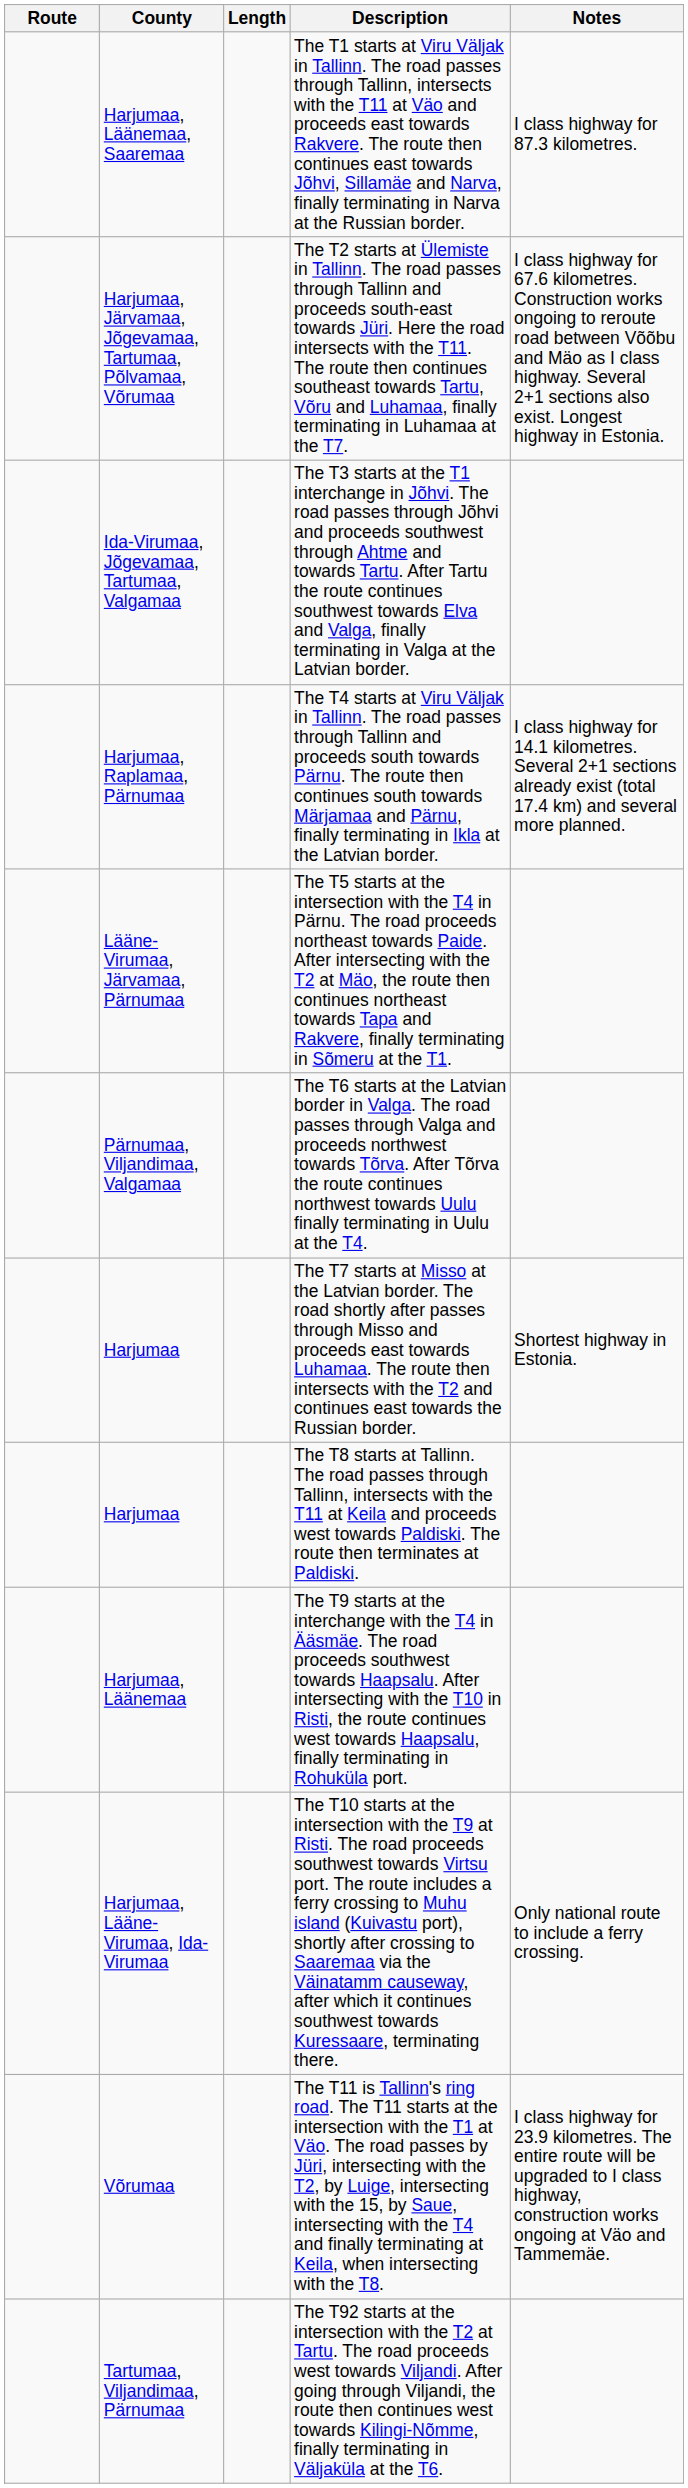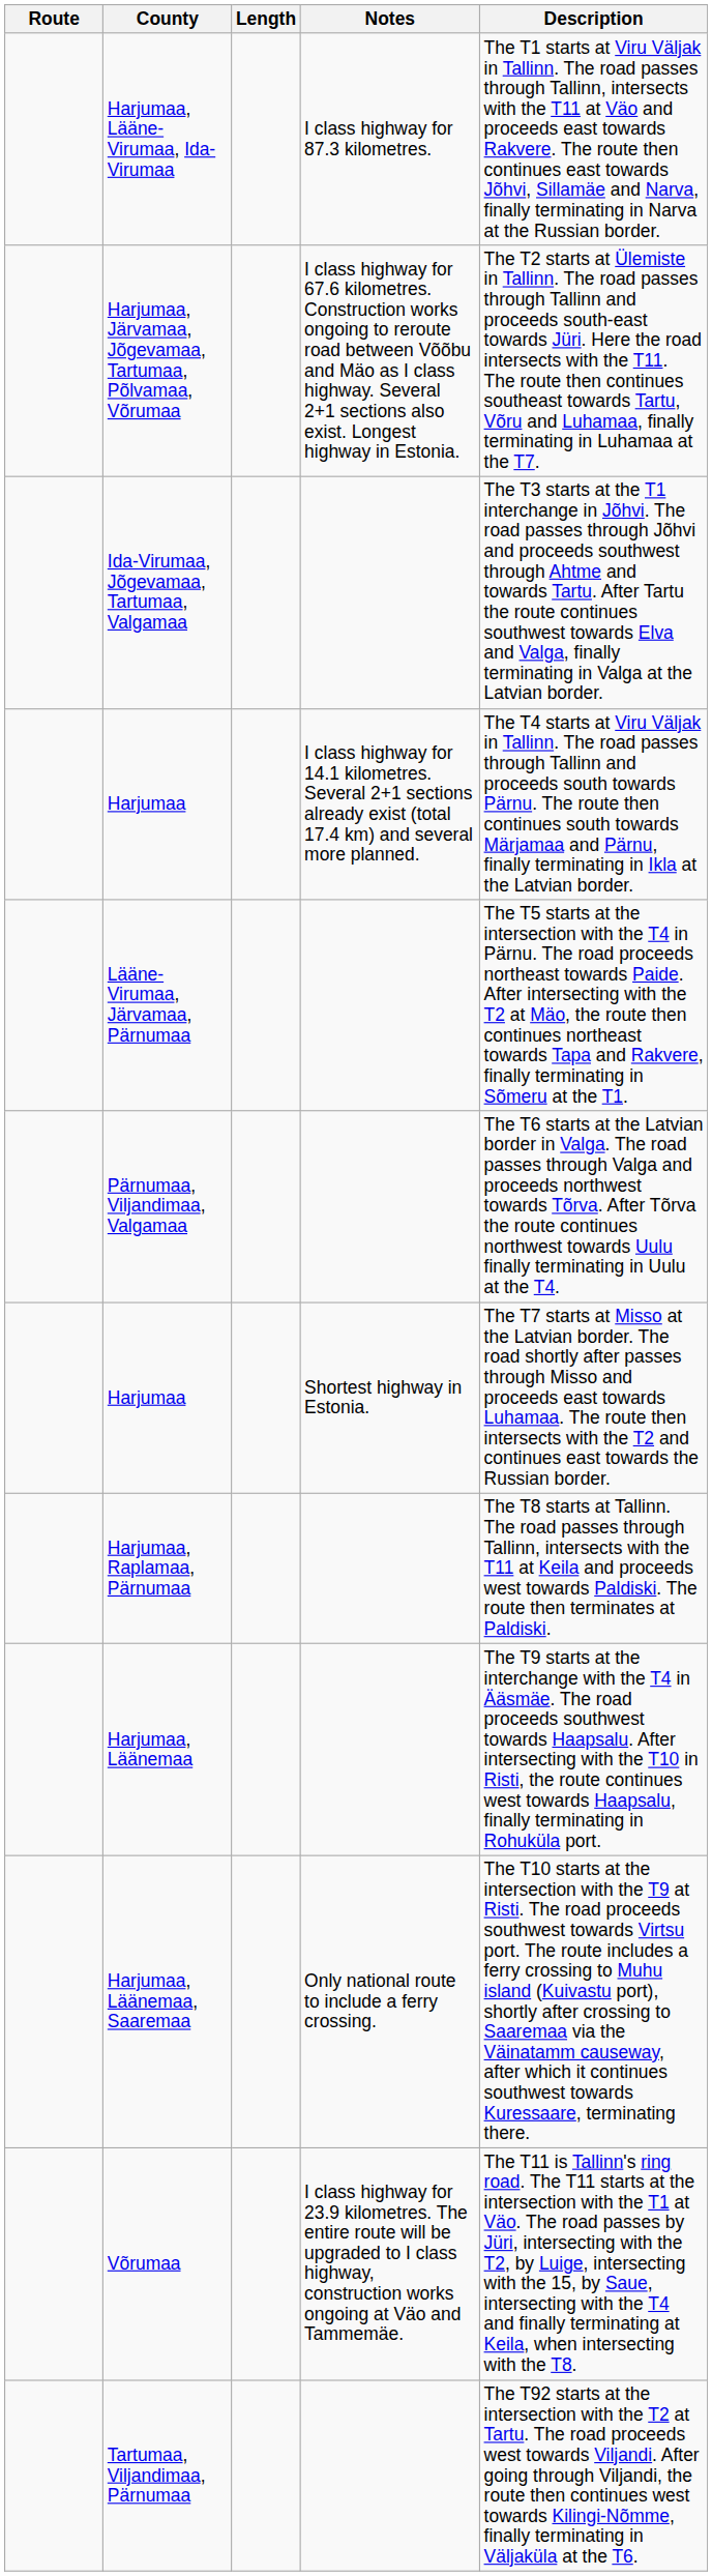 <table class="wikitable" style="margin:auto;">
 <tr>
 <th width=80>Route</th>
 <th>County</th>
 <th>Length</th>
+<th>Notes</th>
 <th>Description</th>
-<th>Notes</th>
+</tr>
+<tr>
+<td></td>
+<td><a href='#'>Harjumaa</a>, <a href='#'>Lääne-Virumaa</a>, <a href='#'>Ida-Virumaa</a></td>
+<td></td>
+<td>I class highway for 87.3 kilometres.</td>
+<td>The T1 starts at <a href='#'>Viru Väljak</a> in <a href='#'>Tallinn</a>. The road passes through Tallinn, intersects with the <a href='#'>T11</a> at <a href='#'>Väo</a> and proceeds east towards <a href='#'>Rakvere</a>. The route then continues east towards <a href='#'>Jõhvi</a>, <a href='#'>Sillamäe</a> and <a href='#'>Narva</a>, finally terminating in Narva at the Russian border.</td>
+</tr>
+<tr>
+<td></td>
+<td><a href='#'>Harjumaa</a>, <a href='#'>Järvamaa</a>, <a href='#'>Jõgevamaa</a>, <a href='#'>Tartumaa</a>, <a href='#'>Põlvamaa</a>, <a href='#'>Võrumaa</a></td>
+<td></td>
+<td>I class highway for 67.6 kilometres. Construction works ongoing to reroute road between Võõbu and Mäo as I class highway. Several 2+1 sections also exist. Longest highway in Estonia.</td>
+<td>The T2 starts at <a href='#'>Ülemiste</a> in <a href='#'>Tallinn</a>. The road passes through Tallinn and proceeds south-east towards <a href='#'>Jüri</a>. Here the road intersects with the <a href='#'>T11</a>. The route then continues southeast towards <a href='#'>Tartu</a>, <a href='#'>Võru</a> and <a href='#'>Luhamaa</a>, finally terminating in Luhamaa at the <a href='#'>T7</a>.</td>
+</tr>
+<tr>
+<td></td>
+<td><a href='#'>Ida-Virumaa</a>, <a href='#'>Jõgevamaa</a>, <a href='#'>Tartumaa</a>, <a href='#'>Valgamaa</a></td>
+<td></td>
+<td></td>
+<td>The T3 starts at the <a href='#'>T1</a> interchange in <a href='#'>Jõhvi</a>. The road passes through Jõhvi and proceeds southwest through <a href='#'>Ahtme</a> and towards <a href='#'>Tartu</a>. After Tartu the route continues southwest towards <a href='#'>Elva</a> and <a href='#'>Valga</a>, finally terminating in Valga at the Latvian border.</td>
+</tr>
+<tr>
+<td></td>
+<td><a href='#'>Harjumaa</a></td>
+<td></td>
+<td>I class highway for 14.1 kilometres. Several 2+1 sections already exist (total 17.4 km) and several more planned.</td>
+<td>The T4 starts at <a href='#'>Viru Väljak</a> in <a href='#'>Tallinn</a>. The road passes through Tallinn and proceeds south towards <a href='#'>Pärnu</a>. The route then continues south towards <a href='#'>Märjamaa</a> and <a href='#'>Pärnu</a>, finally terminating in <a href='#'>Ikla</a> at the Latvian border.</td>
+</tr>
+<tr>
+<td></td>
+<td><a href='#'>Lääne-Virumaa</a>, <a href='#'>Järvamaa</a>, <a href='#'>Pärnumaa</a></td>
+<td></td>
+<td></td>
+<td>The T5 starts at the intersection with the <a href='#'>T4</a> in Pärnu. The road proceeds northeast towards <a href='#'>Paide</a>. After intersecting with the <a href='#'>T2</a> at <a href='#'>Mäo</a>, the route then continues northeast towards <a href='#'>Tapa</a> and <a href='#'>Rakvere</a>, finally terminating in <a href='#'>Sõmeru</a> at the <a href='#'>T1</a>.</td>
+</tr>
+<tr>
+<td></td>
+<td><a href='#'>Pärnumaa</a>, <a href='#'>Viljandimaa</a>, <a href='#'>Valgamaa</a></td>
+<td></td>
+<td></td>
+<td>The T6 starts at the Latvian border in <a href='#'>Valga</a>. The road passes through Valga and proceeds northwest towards <a href='#'>Tõrva</a>. After Tõrva the route continues northwest towards <a href='#'>Uulu</a> finally terminating in Uulu at the <a href='#'>T4</a>.</td>
+</tr>
+<tr>
+<td></td>
+<td><a href='#'>Harjumaa</a></td>
+<td></td>
+<td>Shortest highway in Estonia.</td>
+<td>The T7 starts at <a href='#'>Misso</a> at the Latvian border. The road shortly after passes through Misso and proceeds east towards <a href='#'>Luhamaa</a>. The route then intersects with the <a href='#'>T2</a> and continues east towards the Russian border.</td>
+</tr>
+<tr>
+<td></td>
+<td><a href='#'>Harjumaa</a>, <a href='#'>Raplamaa</a>, <a href='#'>Pärnumaa</a></td>
+<td></td>
+<td></td>
+<td>The T8 starts at Tallinn. The road passes through Tallinn, intersects with the <a href='#'>T11</a> at <a href='#'>Keila</a> and proceeds west towards <a href='#'>Paldiski</a>. The route then terminates at <a href='#'>Paldiski</a>.</td>
+</tr>
+<tr>
+<td></td>
+<td><a href='#'>Harjumaa</a>, <a href='#'>Läänemaa</a></td>
+<td></td>
+<td></td>
+<td>The T9 starts at the interchange with the <a href='#'>T4</a> in <a href='#'>Ääsmäe</a>. The road proceeds southwest towards <a href='#'>Haapsalu</a>. After intersecting with the <a href='#'>T10</a> in <a href='#'>Risti</a>, the route continues west towards <a href='#'>Haapsalu</a>, finally terminating in <a href='#'>Rohuküla</a> port.</td>
 </tr>
 <tr>
 <td></td>
 <td><a href='#'>Harjumaa</a>, <a href='#'>Läänemaa</a>, <a href='#'>Saaremaa</a></td>
 <td></td>
-<td>The T1 starts at <a href='#'>Viru Väljak</a> in <a href='#'>Tallinn</a>. The road passes through Tallinn, intersects with the <a href='#'>T11</a> at <a href='#'>Väo</a> and proceeds east towards <a href='#'>Rakvere</a>. The route then continues east towards <a href='#'>Jõhvi</a>, <a href='#'>Sillamäe</a> and <a href='#'>Narva</a>, finally terminating in Narva at the Russian border.</td>
-<td>I class highway for 87.3 kilometres.</td>
-</tr>
-<tr>
-<td></td>
-<td><a href='#'>Harjumaa</a>, <a href='#'>Järvamaa</a>, <a href='#'>Jõgevamaa</a>, <a href='#'>Tartumaa</a>, <a href='#'>Põlvamaa</a>, <a href='#'>Võrumaa</a></td>
-<td></td>
-<td>The T2 starts at <a href='#'>Ülemiste</a> in <a href='#'>Tallinn</a>. The road passes through Tallinn and proceeds south-east towards <a href='#'>Jüri</a>. Here the road intersects with the <a href='#'>T11</a>. The route then continues southeast towards <a href='#'>Tartu</a>, <a href='#'>Võru</a> and <a href='#'>Luhamaa</a>, finally terminating in Luhamaa at the <a href='#'>T7</a>.</td>
-<td>I class highway for 67.6 kilometres. Construction works ongoing to reroute road between Võõbu and Mäo as I class highway. Several 2+1 sections also exist. Longest highway in Estonia.</td>
-</tr>
-<tr>
-<td></td>
-<td><a href='#'>Ida-Virumaa</a>, <a href='#'>Jõgevamaa</a>, <a href='#'>Tartumaa</a>, <a href='#'>Valgamaa</a></td>
-<td></td>
-<td>The T3 starts at the <a href='#'>T1</a> interchange in <a href='#'>Jõhvi</a>. The road passes through Jõhvi and proceeds southwest through <a href='#'>Ahtme</a> and towards <a href='#'>Tartu</a>. After Tartu the route continues southwest towards <a href='#'>Elva</a> and <a href='#'>Valga</a>, finally terminating in Valga at the Latvian border.</td>
-<td></td>
-</tr>
-<tr>
-<td></td>
-<td><a href='#'>Harjumaa</a>, <a href='#'>Raplamaa</a>, <a href='#'>Pärnumaa</a></td>
-<td></td>
-<td>The T4 starts at <a href='#'>Viru Väljak</a> in <a href='#'>Tallinn</a>. The road passes through Tallinn and proceeds south towards <a href='#'>Pärnu</a>. The route then continues south towards <a href='#'>Märjamaa</a> and <a href='#'>Pärnu</a>, finally terminating in <a href='#'>Ikla</a> at the Latvian border.</td>
-<td>I class highway for 14.1 kilometres. Several 2+1 sections already exist (total 17.4 km) and several more planned.</td>
-</tr>
-<tr>
-<td></td>
-<td><a href='#'>Lääne-Virumaa</a>, <a href='#'>Järvamaa</a>, <a href='#'>Pärnumaa</a></td>
-<td></td>
-<td>The T5 starts at the intersection with the <a href='#'>T4</a> in Pärnu. The road proceeds northeast towards <a href='#'>Paide</a>. After intersecting with the <a href='#'>T2</a> at <a href='#'>Mäo</a>, the route then continues northeast towards <a href='#'>Tapa</a> and <a href='#'>Rakvere</a>, finally terminating in <a href='#'>Sõmeru</a> at the <a href='#'>T1</a>.</td>
-<td></td>
-</tr>
-<tr>
-<td></td>
-<td><a href='#'>Pärnumaa</a>, <a href='#'>Viljandimaa</a>, <a href='#'>Valgamaa</a></td>
-<td></td>
-<td>The T6 starts at the Latvian border in <a href='#'>Valga</a>. The road passes through Valga and proceeds northwest towards <a href='#'>Tõrva</a>. After Tõrva the route continues northwest towards <a href='#'>Uulu</a> finally terminating in Uulu at the <a href='#'>T4</a>.</td>
-<td></td>
-</tr>
-<tr>
-<td></td>
-<td><a href='#'>Harjumaa</a></td>
-<td></td>
-<td>The T7 starts at <a href='#'>Misso</a> at the Latvian border. The road shortly after passes through Misso and proceeds east towards <a href='#'>Luhamaa</a>. The route then intersects with the <a href='#'>T2</a> and continues east towards the Russian border.</td>
-<td>Shortest highway in Estonia.</td>
-</tr>
-<tr>
-<td></td>
-<td><a href='#'>Harjumaa</a></td>
-<td></td>
-<td>The T8 starts at Tallinn. The road passes through Tallinn, intersects with the <a href='#'>T11</a> at <a href='#'>Keila</a> and proceeds west towards <a href='#'>Paldiski</a>. The route then terminates at <a href='#'>Paldiski</a>.</td>
-<td></td>
-</tr>
-<tr>
-<td></td>
-<td><a href='#'>Harjumaa</a>, <a href='#'>Läänemaa</a></td>
-<td></td>
-<td>The T9 starts at the interchange with the <a href='#'>T4</a> in <a href='#'>Ääsmäe</a>. The road proceeds southwest towards <a href='#'>Haapsalu</a>. After intersecting with the <a href='#'>T10</a> in <a href='#'>Risti</a>, the route continues west towards <a href='#'>Haapsalu</a>, finally terminating in <a href='#'>Rohuküla</a> port.</td>
-<td></td>
-</tr>
-<tr>
-<td></td>
-<td><a href='#'>Harjumaa</a>, <a href='#'>Lääne-Virumaa</a>, <a href='#'>Ida-Virumaa</a></td>
-<td></td>
+<td>Only national route to include a ferry crossing.</td>
 <td>The T10 starts at the intersection with the <a href='#'>T9</a> at <a href='#'>Risti</a>. The road proceeds southwest towards <a href='#'>Virtsu</a> port. The route includes a ferry crossing to <a href='#'>Muhu island</a> (<a href='#'>Kuivastu</a> port), shortly after crossing to <a href='#'>Saaremaa</a> via the <a href='#'>Väinatamm causeway</a>, after which it continues southwest towards <a href='#'>Kuressaare</a>, terminating there.</td>
-<td>Only national route to include a ferry crossing.</td>
 </tr>
 <tr>
 <td></td>
 <td><a href='#'>Võrumaa</a></td>
 <td></td>
+<td>I class highway for 23.9 kilometres. The entire route will be upgraded to I class highway, construction works ongoing at Väo and Tammemäe.</td>
 <td>The T11 is <a href='#'>Tallinn</a>'s <a href='#'>ring road</a>. The T11 starts at the intersection with the <a href='#'>T1</a> at <a href='#'>Väo</a>. The road passes by <a href='#'>Jüri</a>, intersecting with the <a href='#'>T2</a>, by <a href='#'>Luige</a>, intersecting with the 15, by <a href='#'>Saue</a>, intersecting with the <a href='#'>T4</a> and finally terminating at <a href='#'>Keila</a>, when intersecting with the <a href='#'>T8</a>.</td>
-<td>I class highway for 23.9 kilometres. The entire route will be upgraded to I class highway, construction works ongoing at Väo and Tammemäe.</td>
 </tr>
 <tr>
 <td></td>
 <td><a href='#'>Tartumaa</a>, <a href='#'>Viljandimaa</a>, <a href='#'>Pärnumaa</a></td>
 <td></td>
+<td></td>
 <td>The T92 starts at the intersection with the <a href='#'>T2</a> at <a href='#'>Tartu</a>. The road proceeds west towards <a href='#'>Viljandi</a>. After going through Viljandi, the route then continues west towards <a href='#'>Kilingi-Nõmme</a>, finally terminating in <a href='#'>Väljaküla</a> at the <a href='#'>T6</a>.</td>
-<td></td>
 </tr>
 </table>
